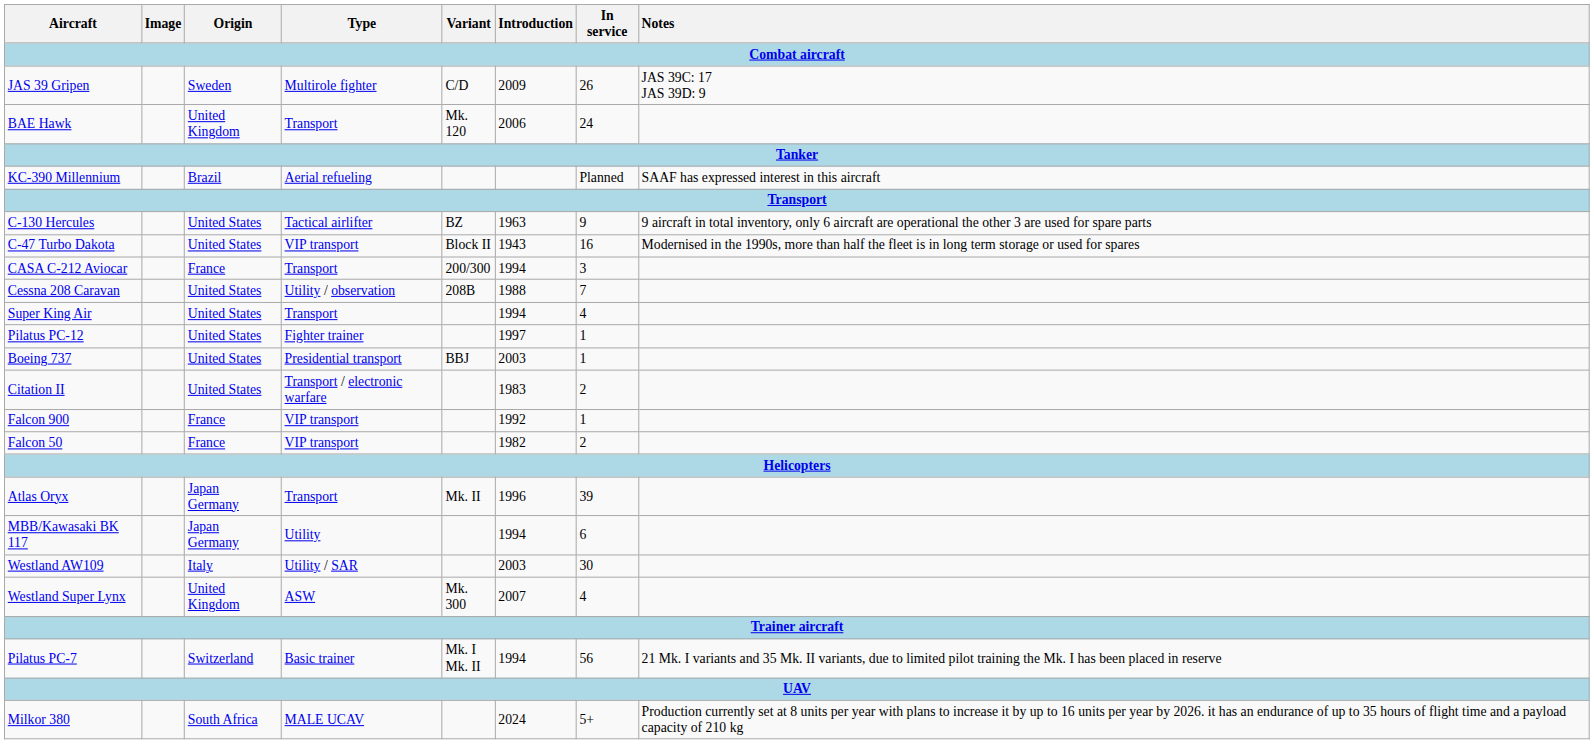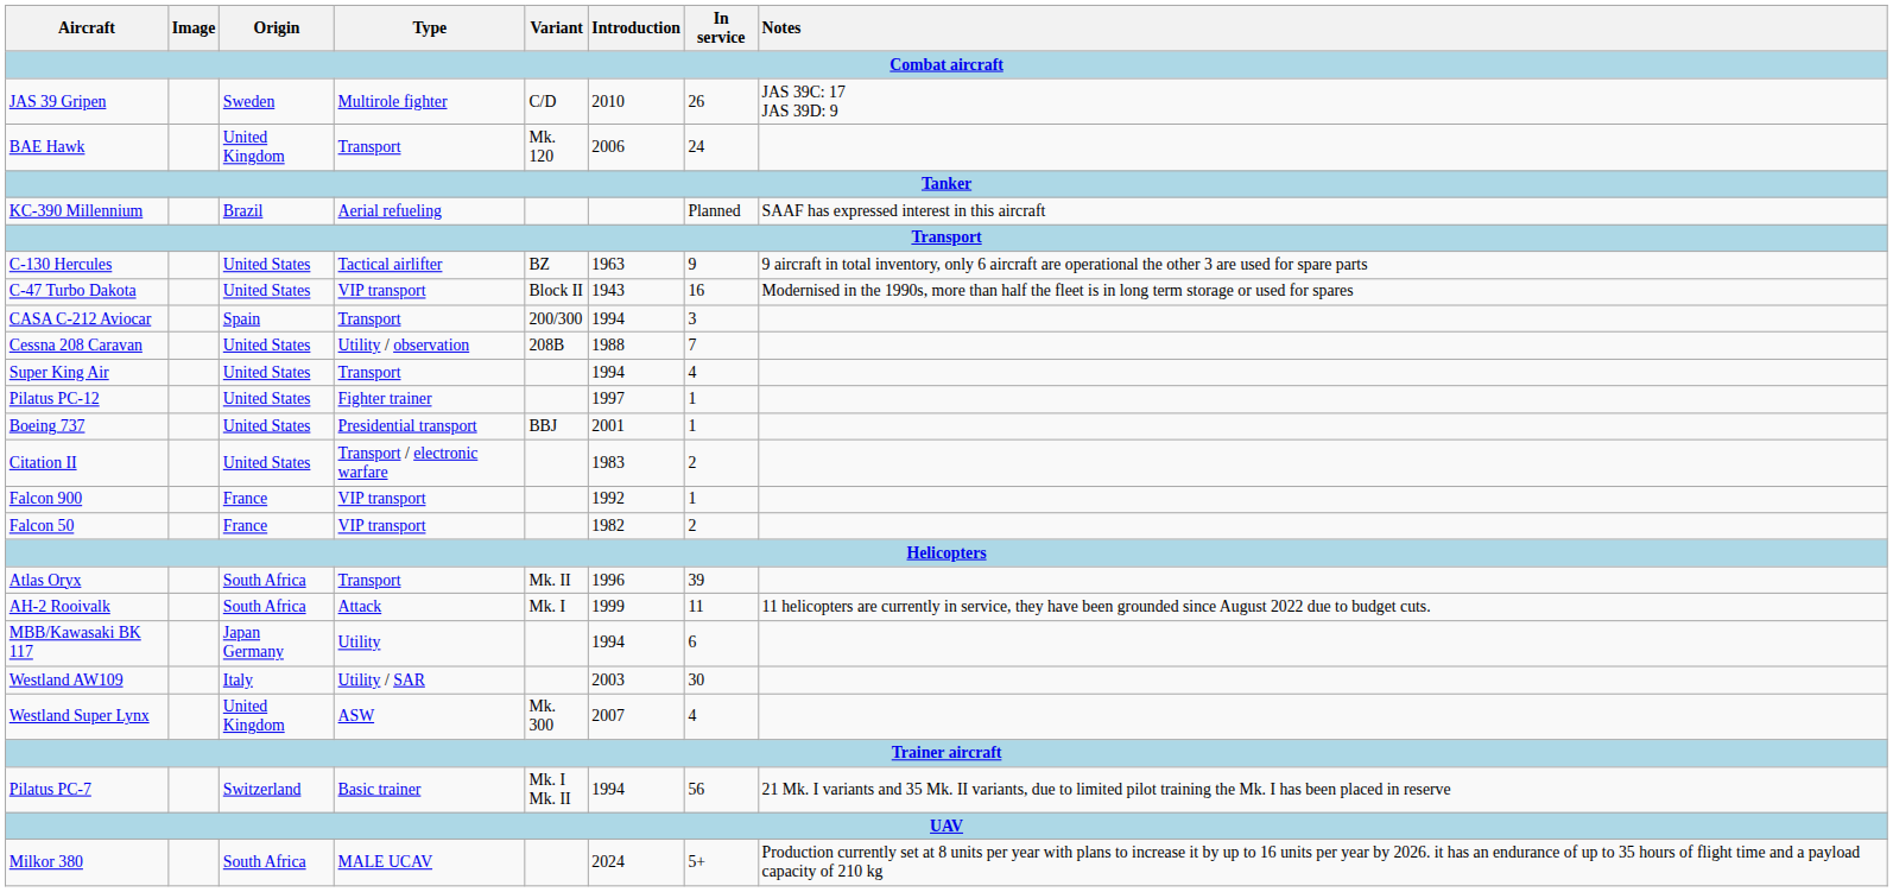 <table class="wikitable sortable" style="font-size: 85%">
 <tr>
 <th>Aircraft</th>
 <th>Image</th>
 <th>Origin</th>
 <th>Type</th>
 <th>Variant</th>
 <th>Introduction</th>
 <th>In service</th>
 <th style="text-align:left;">Notes</th>
 </tr>
 <tr>
 <th colspan="8" style="align: center; background: lightblue;"><a href='#'>Combat aircraft</a></th>
 </tr>
 <tr>
 <td><a href='#'>JAS 39 Gripen</a></td>
 <td></td>
 <td><a href='#'>Sweden</a></td>
 <td><a href='#'>Multirole fighter</a></td>
 <td>C/D</td>
-<td>2009</td>
+<td>2010</td>
 <td>26</td>
 <td>JAS 39C: 17<br>JAS 39D: 9</td>
 </tr>
 <tr>
 <td><a href='#'>BAE Hawk</a></td>
 <td></td>
 <td><a href='#'>United Kingdom</a></td>
 <td><a href='#'>Transport</a></td>
 <td>Mk. 120</td>
 <td>2006</td>
 <td>24</td>
 <td></td>
 </tr>
 <tr>
 <th colspan="8" style="align: center; background: lightblue;"><a href='#'>Tanker</a></th>
 </tr>
 <tr>
 <td><a href='#'>KC-390 Millennium</a></td>
 <td></td>
 <td><a href='#'>Brazil</a></td>
 <td><a href='#'>Aerial refueling</a></td>
 <td></td>
 <td></td>
 <td>Planned</td>
 <td>SAAF has expressed interest in this aircraft</td>
 </tr>
 <tr>
 <th colspan="8" style="align: center; background: lightblue;"><a href='#'>Transport</a></th>
 </tr>
 <tr>
 <td><a href='#'>C-130 Hercules</a></td>
 <td></td>
 <td><a href='#'>United States</a></td>
 <td><a href='#'>Tactical airlifter</a></td>
 <td>BZ</td>
 <td>1963</td>
 <td>9</td>
 <td>9 aircraft in total inventory, only 6 aircraft are operational the other 3 are used for spare parts</td>
 </tr>
 <tr>
 <td><a href='#'>C-47 Turbo Dakota</a></td>
 <td></td>
 <td><a href='#'>United States</a></td>
 <td><a href='#'>VIP transport</a></td>
 <td>Block II</td>
 <td>1943</td>
 <td>16</td>
 <td>Modernised in the 1990s, more than half the fleet is in long term storage or used for spares</td>
 </tr>
 <tr>
 <td><a href='#'>CASA C-212 Aviocar</a></td>
 <td></td>
-<td><a href='#'>France</a></td>
+<td><a href='#'>Spain</a></td>
 <td><a href='#'>Transport</a></td>
 <td>200/300</td>
 <td>1994</td>
 <td>3</td>
 <td></td>
 </tr>
 <tr>
 <td><a href='#'>Cessna 208 Caravan</a></td>
 <td></td>
 <td><a href='#'>United States</a></td>
 <td><a href='#'>Utility</a> / <a href='#'>observation</a></td>
 <td>208B</td>
 <td>1988</td>
 <td>7</td>
 <td></td>
 </tr>
 <tr>
 <td><a href='#'>Super King Air</a></td>
 <td></td>
 <td><a href='#'>United States</a></td>
 <td><a href='#'>Transport</a></td>
 <td></td>
 <td>1994</td>
 <td>4</td>
 <td></td>
 </tr>
 <tr>
 <td><a href='#'>Pilatus PC-12</a></td>
 <td></td>
 <td><a href='#'>United States</a></td>
 <td><a href='#'>Fighter trainer</a></td>
 <td></td>
 <td>1997</td>
 <td>1</td>
 <td></td>
 </tr>
 <tr>
 <td><a href='#'>Boeing 737</a></td>
 <td></td>
 <td><a href='#'>United States</a></td>
 <td><a href='#'>Presidential transport</a></td>
 <td>BBJ</td>
-<td>2003</td>
+<td>2001</td>
 <td>1</td>
 <td></td>
 </tr>
 <tr>
 <td><a href='#'>Citation II</a></td>
 <td></td>
 <td><a href='#'>United States</a></td>
 <td><a href='#'>Transport</a> / <a href='#'>electronic warfare</a></td>
 <td></td>
 <td>1983</td>
 <td>2</td>
 <td></td>
 </tr>
 <tr>
 <td><a href='#'>Falcon 900</a></td>
 <td></td>
 <td><a href='#'>France</a></td>
 <td><a href='#'>VIP transport</a></td>
 <td></td>
 <td>1992</td>
 <td>1</td>
 <td></td>
 </tr>
 <tr>
 <td><a href='#'>Falcon 50</a></td>
 <td></td>
 <td><a href='#'>France</a></td>
 <td><a href='#'>VIP transport</a></td>
 <td></td>
 <td>1982</td>
 <td>2</td>
 <td></td>
 </tr>
 <tr>
 <th colspan="8" style="align: center; background: lightblue;"><a href='#'>Helicopters</a></th>
 </tr>
 <tr>
 <td><a href='#'>Atlas Oryx</a></td>
 <td></td>
-<td><a href='#'>Japan</a><br><a href='#'>Germany</a></td>
+<td><a href='#'>South Africa</a></td>
 <td><a href='#'>Transport</a></td>
 <td>Mk. II</td>
 <td>1996</td>
 <td>39</td>
 <td></td>
+</tr>
+<tr>
+<td><a href='#'>AH-2 Rooivalk</a></td>
+<td></td>
+<td><a href='#'>South Africa</a></td>
+<td><a href='#'>Attack</a></td>
+<td>Mk. I</td>
+<td>1999</td>
+<td>11</td>
+<td>11 helicopters are currently in service, they have been grounded since August 2022 due to budget cuts.</td>
 </tr>
 <tr>
 <td><a href='#'>MBB/Kawasaki BK 117</a></td>
 <td></td>
 <td><a href='#'>Japan</a><br><a href='#'>Germany</a></td>
 <td><a href='#'>Utility</a></td>
 <td></td>
 <td>1994</td>
 <td>6</td>
 <td></td>
 </tr>
 <tr>
 <td><a href='#'>Westland AW109</a></td>
 <td></td>
 <td><a href='#'>Italy</a></td>
 <td><a href='#'>Utility</a> / <a href='#'>SAR</a></td>
 <td></td>
 <td>2003</td>
 <td>30</td>
 <td></td>
 </tr>
 <tr>
 <td><a href='#'>Westland Super Lynx</a></td>
 <td></td>
 <td><a href='#'>United Kingdom</a></td>
 <td><a href='#'>ASW</a></td>
 <td>Mk. 300</td>
 <td>2007</td>
 <td>4</td>
 <td></td>
 </tr>
 <tr>
 <th colspan="8" style="align: center; background: lightblue;"><a href='#'>Trainer aircraft</a></th>
 </tr>
 <tr>
 <td><a href='#'>Pilatus PC-7</a></td>
 <td></td>
 <td><a href='#'>Switzerland</a></td>
 <td><a href='#'>Basic trainer</a></td>
 <td>Mk. I<br>Mk. II</td>
 <td>1994</td>
 <td>56</td>
 <td>21 Mk. I variants and 35 Mk. II variants, due to limited pilot training the Mk. I has been placed in reserve</td>
 </tr>
 <tr>
 <th colspan="8" style="align: center; background: lightblue;"><a href='#'>UAV</a></th>
 </tr>
 <tr>
 <td><a href='#'>Milkor 380</a></td>
 <td></td>
 <td><a href='#'>South Africa</a></td>
 <td><a href='#'>MALE UCAV</a></td>
 <td></td>
 <td>2024</td>
 <td>5+</td>
 <td>Production currently set at 8 units per year with plans to increase it by up to 16 units per year by 2026. it has an endurance of up to 35 hours of flight time and a payload capacity of 210 kg</td>
 </tr>
 </table>
